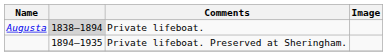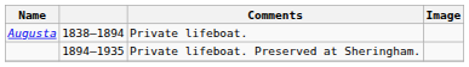 <table class="wikitable">
 <tr>
 <th>Name</th>
 <th></th>
 <th>Comments</th>
 <th>Image</th>
 </tr>
 <tr>
 <td><a href='#'><em>Augusta</em></a></td>
-<td style="background: lightgrey;">1838–1894</td>
+<td>1838–1894</td>
 <td>Private lifeboat.</td>
 <td></td>
 </tr>
 <tr>
 <td></td>
 <td>1894–1935</td>
 <td>Private lifeboat. Preserved at Sheringham.</td>
 <td></td>
 </tr>
 <tr>
 </tr>
 </table>
